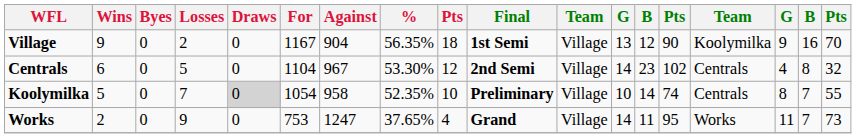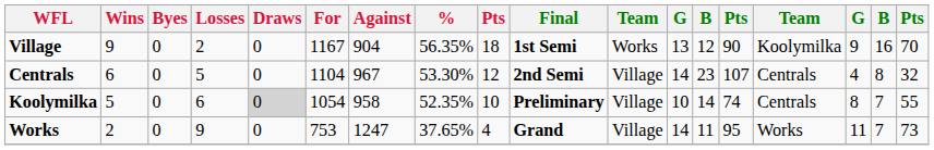 <table class="wikitable">
 <tr>
 <th style="color:crimson">WFL</th>
 <th style="color:crimson">Wins</th>
 <th style="color:crimson">Byes</th>
 <th style="color:crimson">Losses</th>
 <th style="color:crimson">Draws</th>
 <th style="color:crimson">For</th>
 <th style="color:crimson">Against</th>
 <th style="color:crimson">%</th>
 <th style="color:crimson">Pts</th>
 <th style="color:green">Final</th>
 <th style="color:green">Team</th>
 <th style="color:green">G</th>
 <th style="color:green">B</th>
 <th style="color:green">Pts</th>
 <th style="color:green">Team</th>
 <th style="color:green">G</th>
 <th style="color:green">B</th>
 <th style="color:green">Pts</th>
 </tr>
 <tr>
 <td><strong>	Village	</strong></td>
 <td>9</td>
 <td>0</td>
 <td>2</td>
 <td>0</td>
 <td>1167</td>
 <td>904</td>
 <td>56.35%</td>
 <td>18</td>
 <td><strong>1st Semi</strong></td>
-<td>Village</td>
+<td>Works</td>
 <td>13</td>
 <td>12</td>
 <td>90</td>
 <td>Koolymilka</td>
 <td>9</td>
 <td>16</td>
 <td>70</td>
 </tr>
 <tr>
 <td><strong>	Centrals	</strong></td>
 <td>6</td>
 <td>0</td>
 <td>5</td>
 <td>0</td>
 <td>1104</td>
 <td>967</td>
 <td>53.30%</td>
 <td>12</td>
 <td><strong>2nd Semi</strong></td>
 <td>Village</td>
 <td>14</td>
 <td>23</td>
-<td>102</td>
+<td>107</td>
 <td>Centrals</td>
 <td>4</td>
 <td>8</td>
 <td>32</td>
 </tr>
 <tr>
 <td><strong>	Koolymilka	</strong></td>
 <td>5</td>
 <td>0</td>
-<td>7</td>
+<td>6</td>
 <td style="background: lightgrey;">0</td>
 <td>1054</td>
 <td>958</td>
 <td>52.35%</td>
 <td>10</td>
 <td><strong>Preliminary</strong></td>
 <td>Village</td>
 <td>10</td>
 <td>14</td>
 <td>74</td>
 <td>Centrals</td>
 <td>8</td>
 <td>7</td>
 <td>55</td>
 </tr>
 <tr>
 <td><strong>	Works	</strong></td>
 <td>2</td>
 <td>0</td>
 <td>9</td>
 <td>0</td>
 <td>753</td>
 <td>1247</td>
 <td>37.65%</td>
 <td>4</td>
 <td><strong>Grand</strong></td>
 <td>Village</td>
 <td>14</td>
 <td>11</td>
 <td>95</td>
 <td>Works</td>
 <td>11</td>
 <td>7</td>
 <td>73</td>
 </tr>
 <tr>
 </tr>
 </table>
